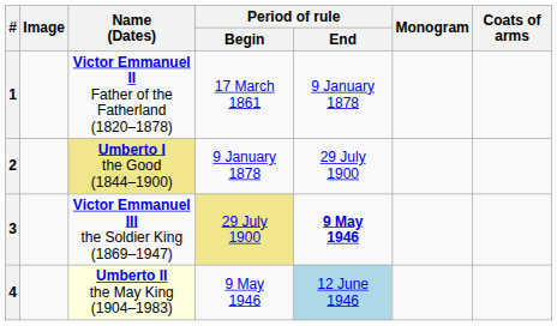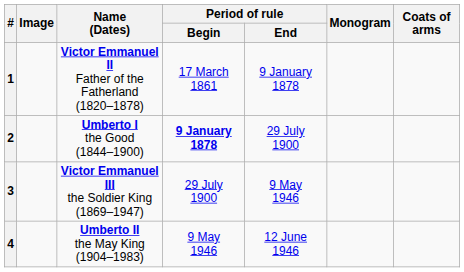 <table class="wikitable sortable" style="text-align:center;">
 <tr>
 <th scope="col" rowspan="2">#</th>
 <th scope="col" rowspan="2" class="unsortable">Image</th>
 <th scope="col" rowspan="2">Name<br>(Dates)</th>
 <th scope="col" colspan="2">Period of rule</th>
 <th scope="col" rowspan="2" class="unsortable">Monogram</th>
 <th scope="col" rowspan="2" class="unsortable">Coats of arms</th>
 </tr>
 <tr>
 <th scope="col" width="18%">Begin</th>
 <th scope="col" width="18%">End</th>
 </tr>
 <tr>
 <th scope="row">1</th>
 <td></td>
 <td><strong><a href='#'>Victor Emmanuel II</a></strong><br>Father of the Fatherland<br>(1820–1878)</td>
 <td><a href='#'>17 March</a><br><a href='#'>1861</a></td>
 <td><a href='#'>9 January</a><br><a href='#'>1878</a></td>
 <td align="center"></td>
 <td align="center">   </td>
 </tr>
 <tr>
 <th scope="row">2</th>
 <td></td>
-<td style="background: khaki;"><strong><a href='#'>Umberto I</a></strong><br>the Good<br>(1844–1900)</td>
-<td><a href='#'>9 January</a><br><a href='#'>1878</a></td>
+<td><strong><a href='#'>Umberto I</a></strong><br>the Good<br>(1844–1900)</td>
+<td><strong><a href='#'>9 January</a><br><a href='#'>1878</a></strong></td>
 <td><a href='#'>29 July</a><br><a href='#'>1900</a></td>
 <td align="center"></td>
 <td>   </td>
 </tr>
 <tr>
 <th scope="row">3</th>
 <td></td>
 <td><strong><a href='#'>Victor Emmanuel III</a></strong><br>the Soldier King<br>(1869–1947)</td>
-<td style="background: khaki;"><a href='#'>29 July</a><br><a href='#'>1900</a></td>
-<td><strong><a href='#'>9 May</a><br><a href='#'>1946</a></strong></td>
+<td><a href='#'>29 July</a><br><a href='#'>1900</a></td>
+<td><a href='#'>9 May</a><br><a href='#'>1946</a></td>
 <td align="center"></td>
 <td>   </td>
 </tr>
 <tr>
 <th scope="row">4</th>
 <td></td>
-<td style="background: lightyellow;"><strong><a href='#'>Umberto II</a></strong><br>the May King<br>(1904–1983)</td>
+<td><strong><a href='#'>Umberto II</a></strong><br>the May King<br>(1904–1983)</td>
 <td><a href='#'>9 May</a><br><a href='#'>1946</a></td>
-<td style="background: lightblue;"><a href='#'>12 June</a><br><a href='#'>1946</a></td>
+<td><a href='#'>12 June</a><br><a href='#'>1946</a></td>
 <td align="center"></td>
 <td></td>
 </tr>
 </table>
